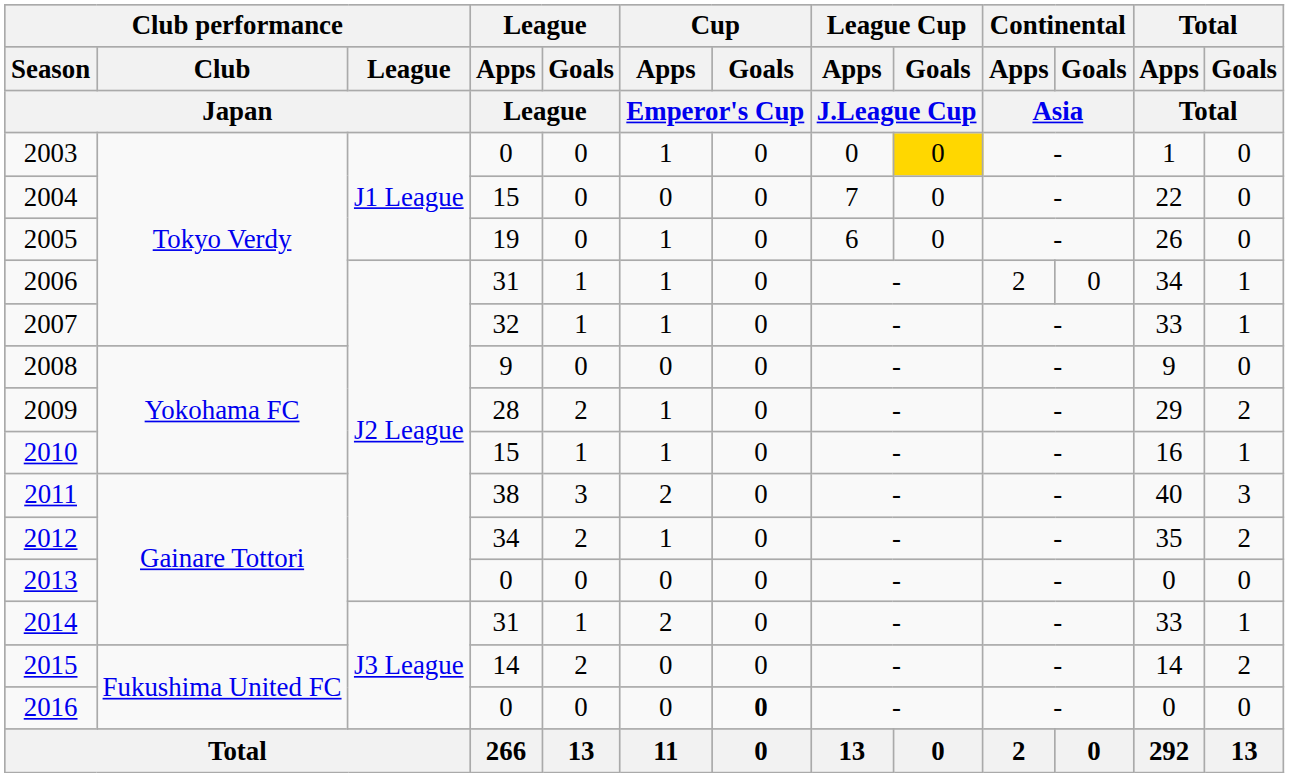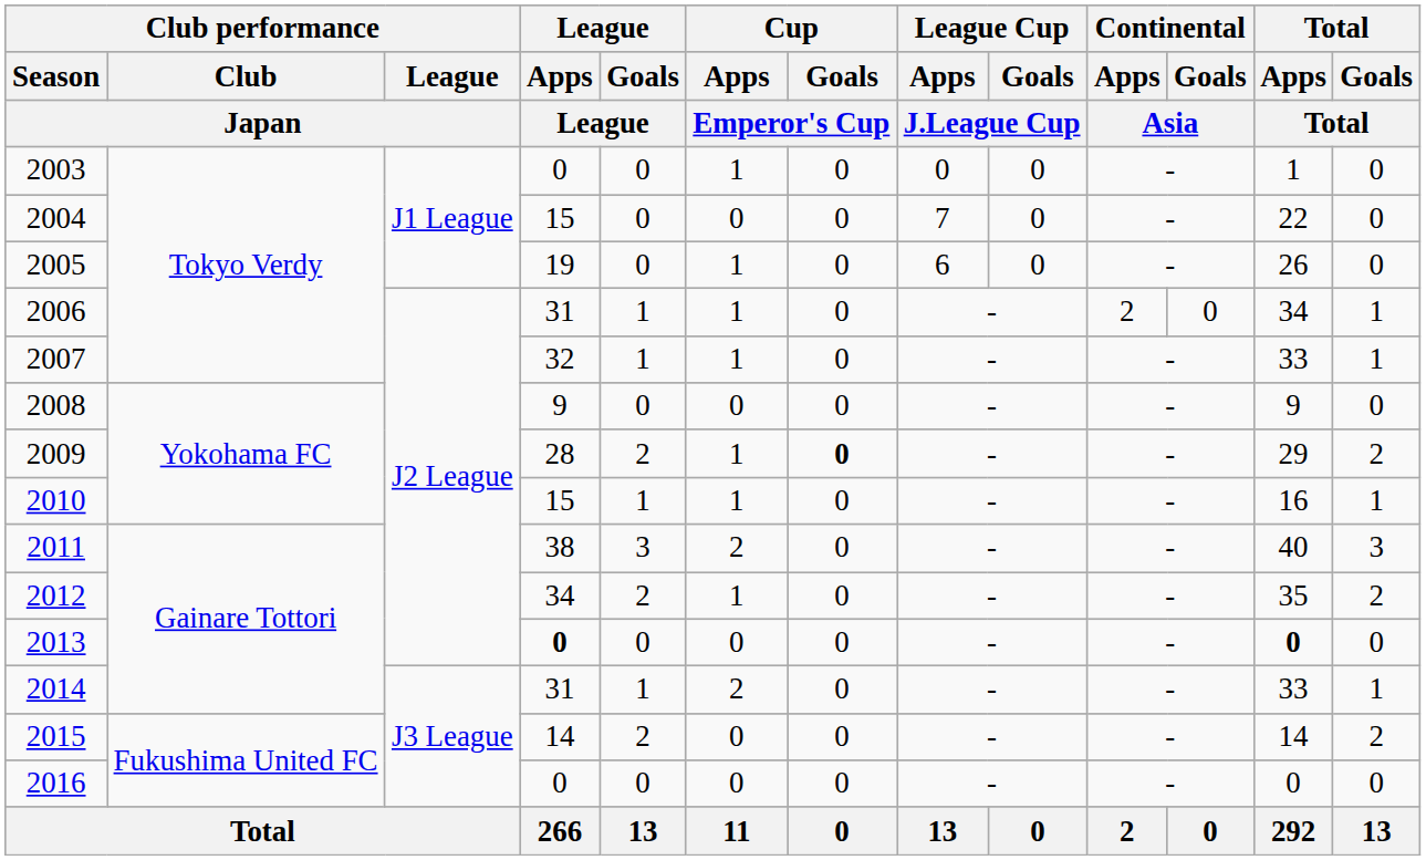 <table class="wikitable" style="text-align:center;">
 <tr>
 <th colspan=3>Club performance</th>
 <th colspan=2>League</th>
 <th colspan=2>Cup</th>
 <th colspan=2>League Cup</th>
 <th colspan=2>Continental</th>
 <th colspan=2>Total</th>
 </tr>
 <tr>
 <th>Season</th>
 <th>Club</th>
 <th>League</th>
 <th>Apps</th>
 <th>Goals</th>
 <th>Apps</th>
 <th>Goals</th>
 <th>Apps</th>
 <th>Goals</th>
 <th>Apps</th>
 <th>Goals</th>
 <th>Apps</th>
 <th>Goals</th>
 </tr>
 <tr>
 <th colspan=3>Japan</th>
 <th colspan=2>League</th>
 <th colspan=2><a href='#'>Emperor's Cup</a></th>
 <th colspan=2><a href='#'>J.League Cup</a></th>
 <th colspan=2><a href='#'>Asia</a></th>
 <th colspan=2>Total</th>
 </tr>
 <tr>
 <td>2003</td>
 <td rowspan="5"><a href='#'>Tokyo Verdy</a></td>
 <td rowspan="3"><a href='#'>J1 League</a></td>
 <td>0</td>
 <td>0</td>
 <td>1</td>
 <td>0</td>
 <td>0</td>
-<td style="background: gold;">0</td>
+<td>0</td>
 <td colspan="2">-</td>
 <td>1</td>
 <td>0</td>
 </tr>
 <tr>
 <td>2004</td>
 <td>15</td>
 <td>0</td>
 <td>0</td>
 <td>0</td>
 <td>7</td>
 <td>0</td>
 <td colspan="2">-</td>
 <td>22</td>
 <td>0</td>
 </tr>
 <tr>
 <td>2005</td>
 <td>19</td>
 <td>0</td>
 <td>1</td>
 <td>0</td>
 <td>6</td>
 <td>0</td>
 <td colspan="2">-</td>
 <td>26</td>
 <td>0</td>
 </tr>
 <tr>
 <td>2006</td>
 <td rowspan="8"><a href='#'>J2 League</a></td>
 <td>31</td>
 <td>1</td>
 <td>1</td>
 <td>0</td>
 <td colspan="2">-</td>
 <td>2</td>
 <td>0</td>
 <td>34</td>
 <td>1</td>
 </tr>
 <tr>
 <td>2007</td>
 <td>32</td>
 <td>1</td>
 <td>1</td>
 <td>0</td>
 <td colspan="2">-</td>
 <td colspan="2">-</td>
 <td>33</td>
 <td>1</td>
 </tr>
 <tr>
 <td>2008</td>
 <td rowspan="3"><a href='#'>Yokohama FC</a></td>
 <td>9</td>
 <td>0</td>
 <td>0</td>
 <td>0</td>
 <td colspan="2">-</td>
 <td colspan="2">-</td>
 <td>9</td>
 <td>0</td>
 </tr>
 <tr>
 <td>2009</td>
 <td>28</td>
 <td>2</td>
 <td>1</td>
-<td>0</td>
+<td><strong>0</strong></td>
 <td colspan="2">-</td>
 <td colspan="2">-</td>
 <td>29</td>
 <td>2</td>
 </tr>
 <tr>
 <td><a href='#'>2010</a></td>
 <td>15</td>
 <td>1</td>
 <td>1</td>
 <td>0</td>
 <td colspan="2">-</td>
 <td colspan="2">-</td>
 <td>16</td>
 <td>1</td>
 </tr>
 <tr>
 <td><a href='#'>2011</a></td>
 <td rowspan="4"><a href='#'>Gainare Tottori</a></td>
 <td>38</td>
 <td>3</td>
 <td>2</td>
 <td>0</td>
 <td colspan="2">-</td>
 <td colspan="2">-</td>
 <td>40</td>
 <td>3</td>
 </tr>
 <tr>
 <td><a href='#'>2012</a></td>
 <td>34</td>
 <td>2</td>
 <td>1</td>
 <td>0</td>
 <td colspan="2">-</td>
 <td colspan="2">-</td>
 <td>35</td>
 <td>2</td>
 </tr>
 <tr>
 <td><a href='#'>2013</a></td>
-<td>0</td>
+<td><strong>0</strong></td>
 <td>0</td>
 <td>0</td>
 <td>0</td>
 <td colspan="2">-</td>
 <td colspan="2">-</td>
-<td>0</td>
+<td><strong>0</strong></td>
 <td>0</td>
 </tr>
 <tr>
 <td><a href='#'>2014</a></td>
 <td rowspan="3"><a href='#'>J3 League</a></td>
 <td>31</td>
 <td>1</td>
 <td>2</td>
 <td>0</td>
 <td colspan="2">-</td>
 <td colspan="2">-</td>
 <td>33</td>
 <td>1</td>
 </tr>
 <tr>
 <td><a href='#'>2015</a></td>
 <td rowspan="2"><a href='#'>Fukushima United FC</a></td>
 <td>14</td>
 <td>2</td>
 <td>0</td>
 <td>0</td>
 <td colspan="2">-</td>
 <td colspan="2">-</td>
 <td>14</td>
 <td>2</td>
 </tr>
 <tr>
 <td><a href='#'>2016</a></td>
 <td>0</td>
 <td>0</td>
 <td>0</td>
-<td><strong>0</strong></td>
+<td>0</td>
 <td colspan="2">-</td>
 <td colspan="2">-</td>
 <td>0</td>
 <td>0</td>
 </tr>
 <tr>
 <th colspan=3>Total</th>
 <th>266</th>
 <th>13</th>
 <th>11</th>
 <th>0</th>
 <th>13</th>
 <th>0</th>
 <th>2</th>
 <th>0</th>
 <th>292</th>
 <th>13</th>
 </tr>
 </table>
